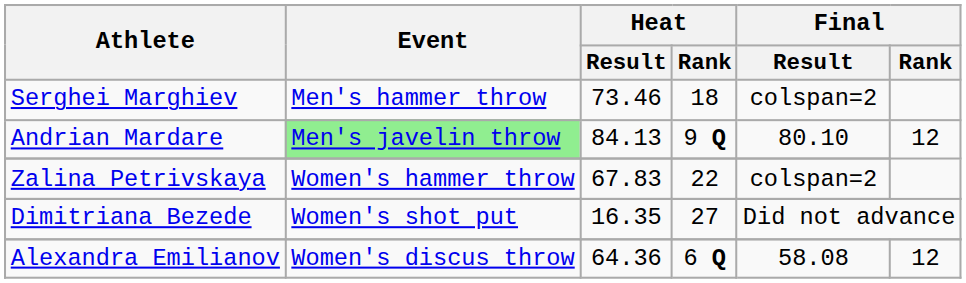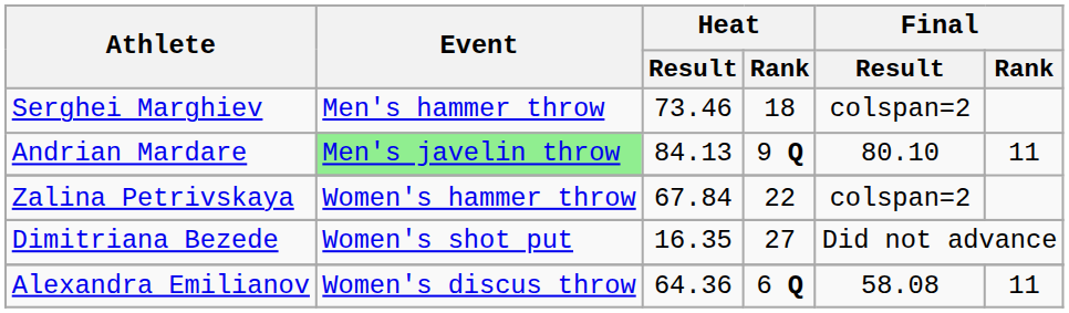 <table class="wikitable" style="font-size:90%">
 <tr>
 <th rowspan="2">Athlete</th>
 <th rowspan="2">Event</th>
 <th colspan="2">Heat</th>
 <th colspan="2">Final</th>
 </tr>
 <tr style="font-size:95%">
 <th>Result</th>
 <th>Rank</th>
 <th>Result</th>
 <th>Rank</th>
 </tr>
 <tr align=center>
 <td align=left><a href='#'>Serghei Marghiev</a></td>
 <td align=left><a href='#'>Men's hammer throw</a></td>
 <td>73.46</td>
 <td>18</td>
 <td>colspan=2 </td>
 </tr>
 <tr align=center>
 <td align=left><a href='#'>Andrian Mardare</a></td>
 <td align=left style="background: lightgreen;"><a href='#'>Men's javelin throw</a></td>
 <td>84.13</td>
 <td>9 <strong>Q</strong></td>
 <td>80.10</td>
-<td>12</td>
+<td>11</td>
 </tr>
 <tr>
 </tr>
 <tr align=center>
 <td align=left><a href='#'>Zalina Petrivskaya</a></td>
 <td align=left><a href='#'>Women's hammer throw</a></td>
-<td>67.83</td>
+<td>67.84</td>
 <td>22</td>
 <td>colspan=2 </td>
 </tr>
 <tr>
 </tr>
 <tr align=center>
 <td align=left><a href='#'>Dimitriana Bezede</a></td>
 <td align=left><a href='#'>Women's shot put</a></td>
 <td>16.35</td>
 <td>27</td>
 <td colspan=2>Did not advance</td>
 </tr>
 <tr>
 </tr>
 <tr align=center>
 <td align=left><a href='#'>Alexandra Emilianov</a></td>
 <td align=left><a href='#'>Women's discus throw</a></td>
 <td>64.36</td>
 <td>6 <strong>Q</strong></td>
 <td>58.08</td>
-<td>12</td>
+<td>11</td>
 </tr>
 </table>
